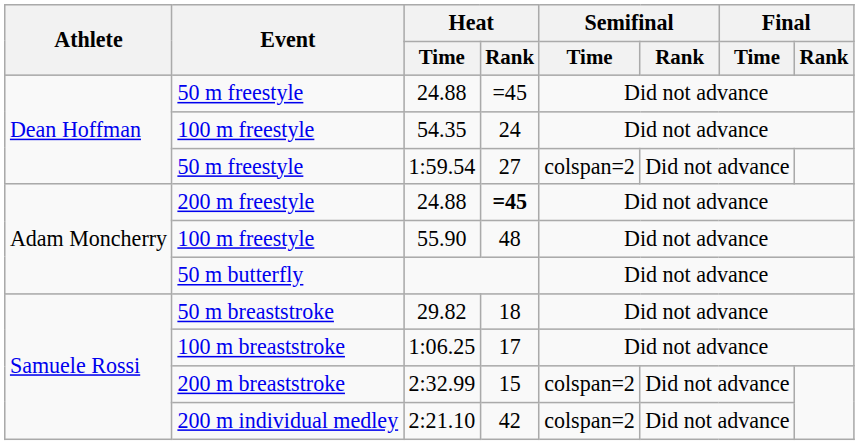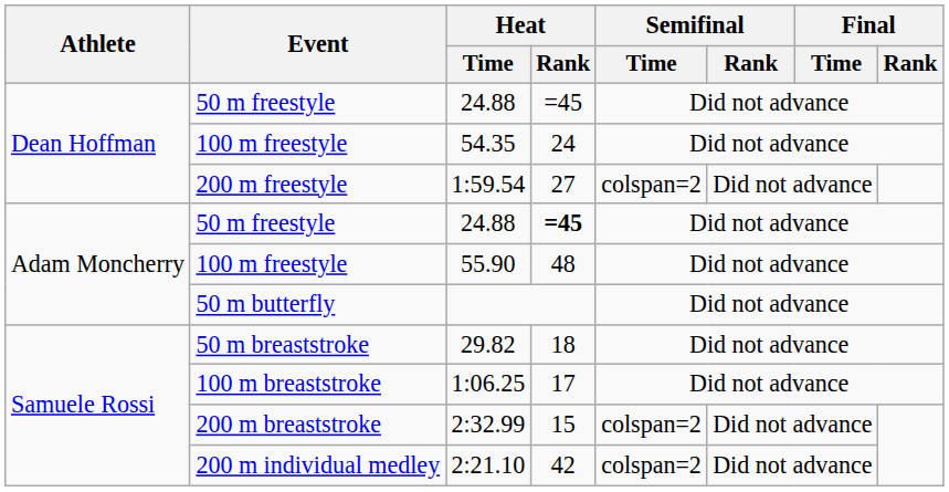 <table class=wikitable style=font-size:90%>
 <tr>
 <th rowspan=2>Athlete</th>
 <th rowspan=2>Event</th>
 <th colspan=2>Heat</th>
 <th colspan=2>Semifinal</th>
 <th colspan=2>Final</th>
 </tr>
 <tr style=font-size:95%>
 <th>Time</th>
 <th>Rank</th>
 <th>Time</th>
 <th>Rank</th>
 <th>Time</th>
 <th>Rank</th>
 </tr>
 <tr align=center>
 <td align=left rowspan=3><a href='#'>Dean Hoffman</a></td>
 <td align=left><a href='#'>50 m freestyle</a></td>
 <td>24.88</td>
 <td>=45</td>
 <td colspan=4>Did not advance</td>
 </tr>
 <tr align=center>
 <td align=left><a href='#'>100 m freestyle</a></td>
 <td>54.35</td>
 <td>24</td>
 <td Colspan=4>Did not advance</td>
 </tr>
 <tr align=center>
-<td align=left><a href='#'>50 m freestyle</a></td>
+<td align=left><a href='#'>200 m freestyle</a></td>
 <td>1:59.54</td>
 <td>27</td>
 <td>colspan=2</td>
 <td colspan=2>Did not advance</td>
 </tr>
 <tr align=center>
 <td align=left rowspan=3>Adam Moncherry</td>
-<td align=left><a href='#'>200 m freestyle</a></td>
+<td align=left><a href='#'>50 m freestyle</a></td>
 <td>24.88</td>
 <td><strong>=45</strong></td>
 <td colspan=4>Did not advance</td>
 </tr>
 <tr align=center>
 <td align=left><a href='#'>100 m freestyle</a></td>
 <td>55.90</td>
 <td>48</td>
 <td Colspan=4>Did not advance</td>
 </tr>
 <tr align=center>
 <td align=left><a href='#'>50 m butterfly</a></td>
 <td colspan=2></td>
 <td colspan=4>Did not advance</td>
 </tr>
 <tr align=center>
 <td align=left rowspan=4><a href='#'>Samuele Rossi</a></td>
 <td align=left><a href='#'>50 m breaststroke</a></td>
 <td>29.82</td>
 <td>18</td>
 <td colspan=4>Did not advance</td>
 </tr>
 <tr align=center>
 <td align=left><a href='#'>100 m breaststroke</a></td>
 <td>1:06.25</td>
 <td>17</td>
 <td colspan=4>Did not advance</td>
 </tr>
 <tr align=center>
 <td align=left><a href='#'>200 m breaststroke</a></td>
 <td>2:32.99</td>
 <td>15</td>
 <td>colspan=2</td>
 <td colspan=2>Did not advance</td>
 </tr>
 <tr align=center>
 <td align=left><a href='#'>200 m individual medley</a></td>
 <td>2:21.10</td>
 <td>42</td>
 <td>colspan=2</td>
 <td colspan=2>Did not advance</td>
 </tr>
 </table>
